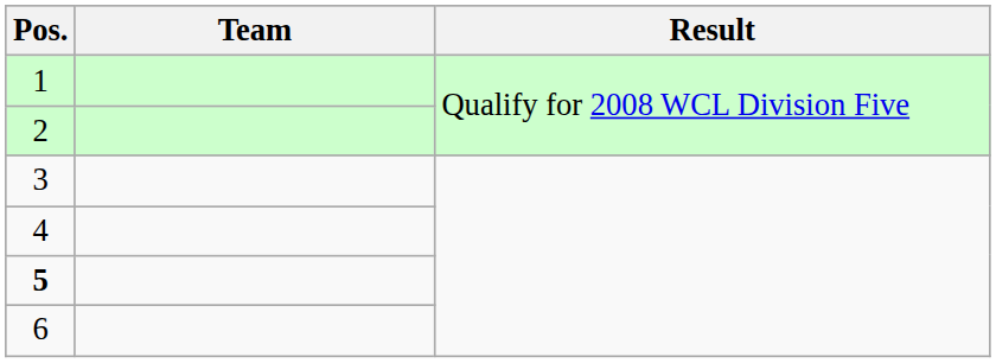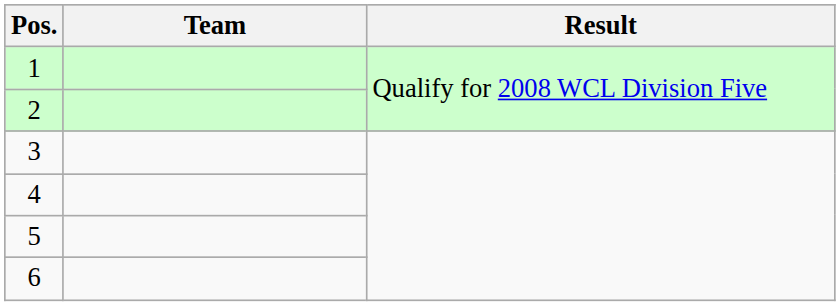 <table class="wikitable">
 <tr>
 <th>Pos.</th>
 <th width=175>Team</th>
 <th width=275>Result</th>
 </tr>
 <tr style="background:#ccffcc">
 <td align="center">1</td>
 <td></td>
 <td rowspan=2>Qualify for <a href='#'>2008 WCL Division Five</a></td>
 </tr>
 <tr style="background:#ccffcc">
 <td align="center">2</td>
 <td></td>
 </tr>
 <tr>
 <td align="center">3</td>
 <td></td>
 <td rowspan=4></td>
 </tr>
 <tr>
 <td align="center">4</td>
 <td></td>
 </tr>
 <tr>
-<td align="center"><strong>5</strong></td>
+<td align="center">5</td>
 <td></td>
 </tr>
 <tr>
 <td align="center">6</td>
 <td></td>
 </tr>
 </table>
